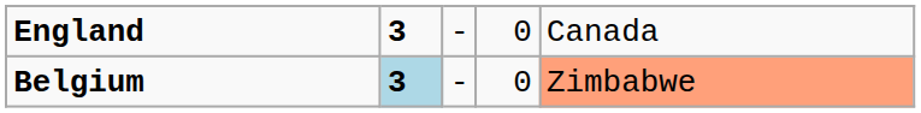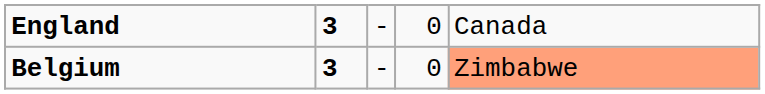 <table class="wikitable">
 <tr>
 <td width=150> <strong>England</strong></td>
 <td style="width:20px; text-align:left;"><strong>3</strong></td>
 <td>-</td>
 <td style="width:20px; text-align:right;">0</td>
 <td width=150> Canada</td>
 </tr>
 <tr>
 <td> <strong>Belgium</strong></td>
-<td style="background: lightblue; text-align:left;"><strong>3</strong></td>
+<td style="text-align:left;"><strong>3</strong></td>
 <td>-</td>
 <td style="text-align:right;">0</td>
 <td style="background: lightsalmon;"> Zimbabwe</td>
 </tr>
 </table>
